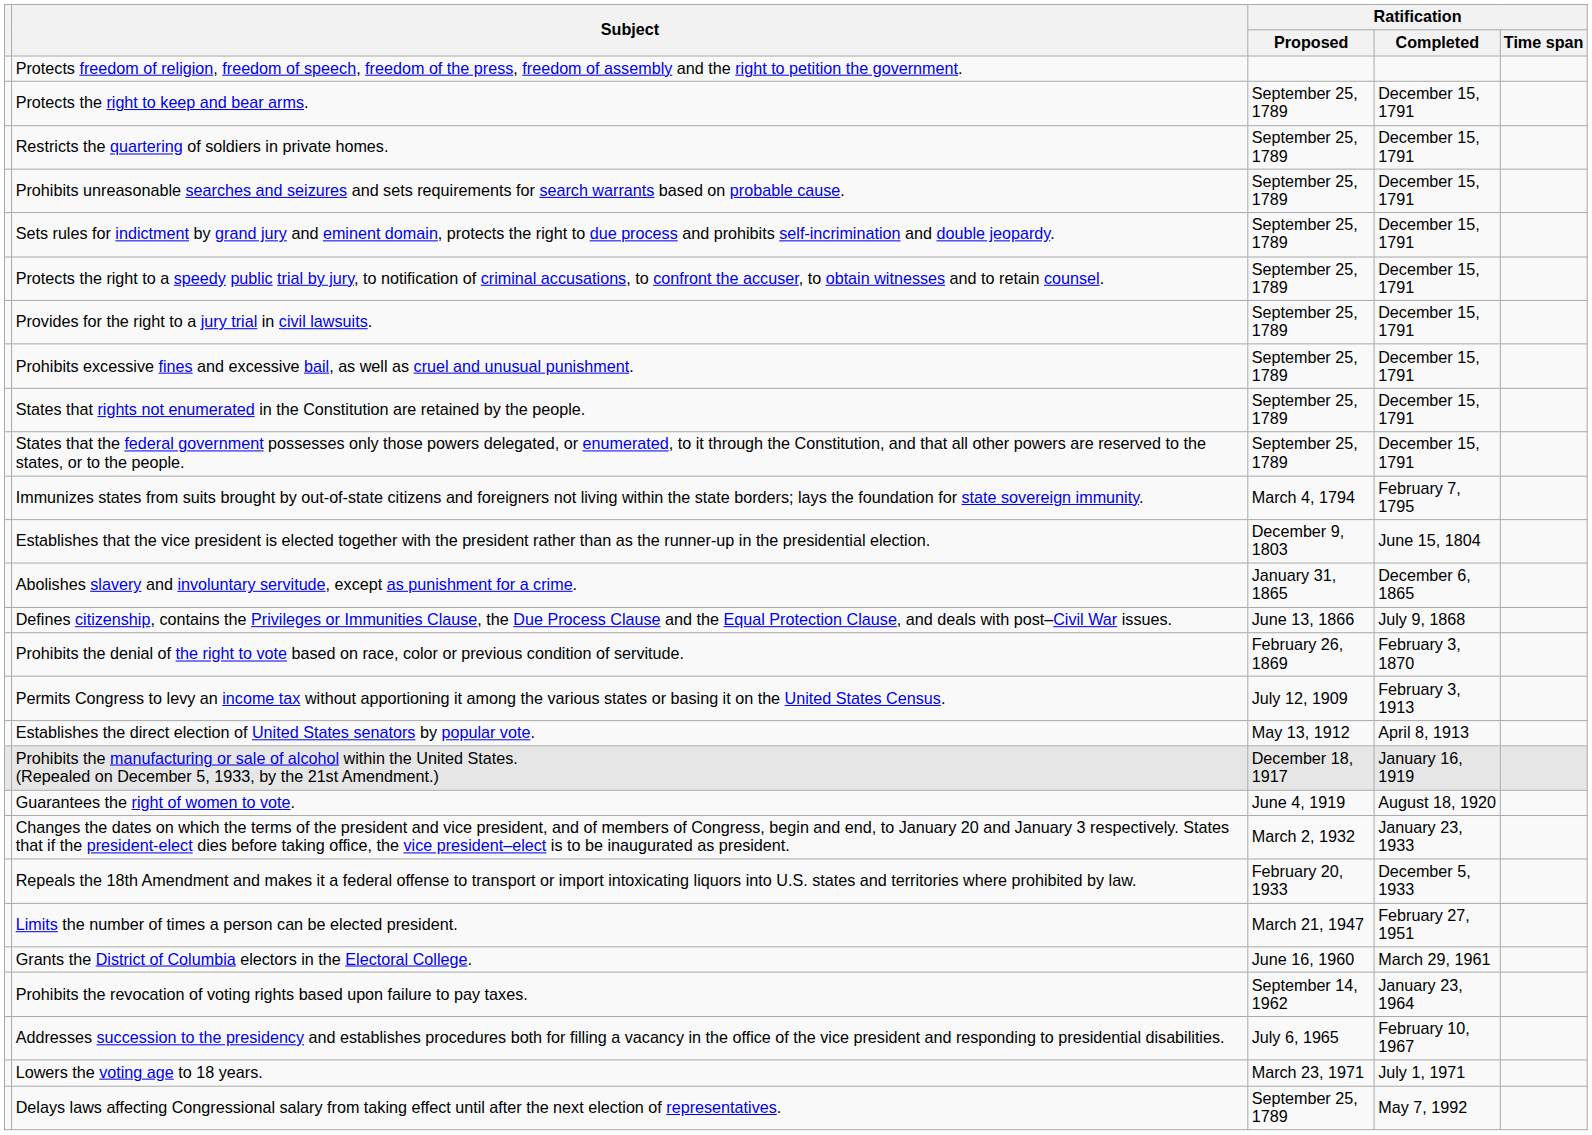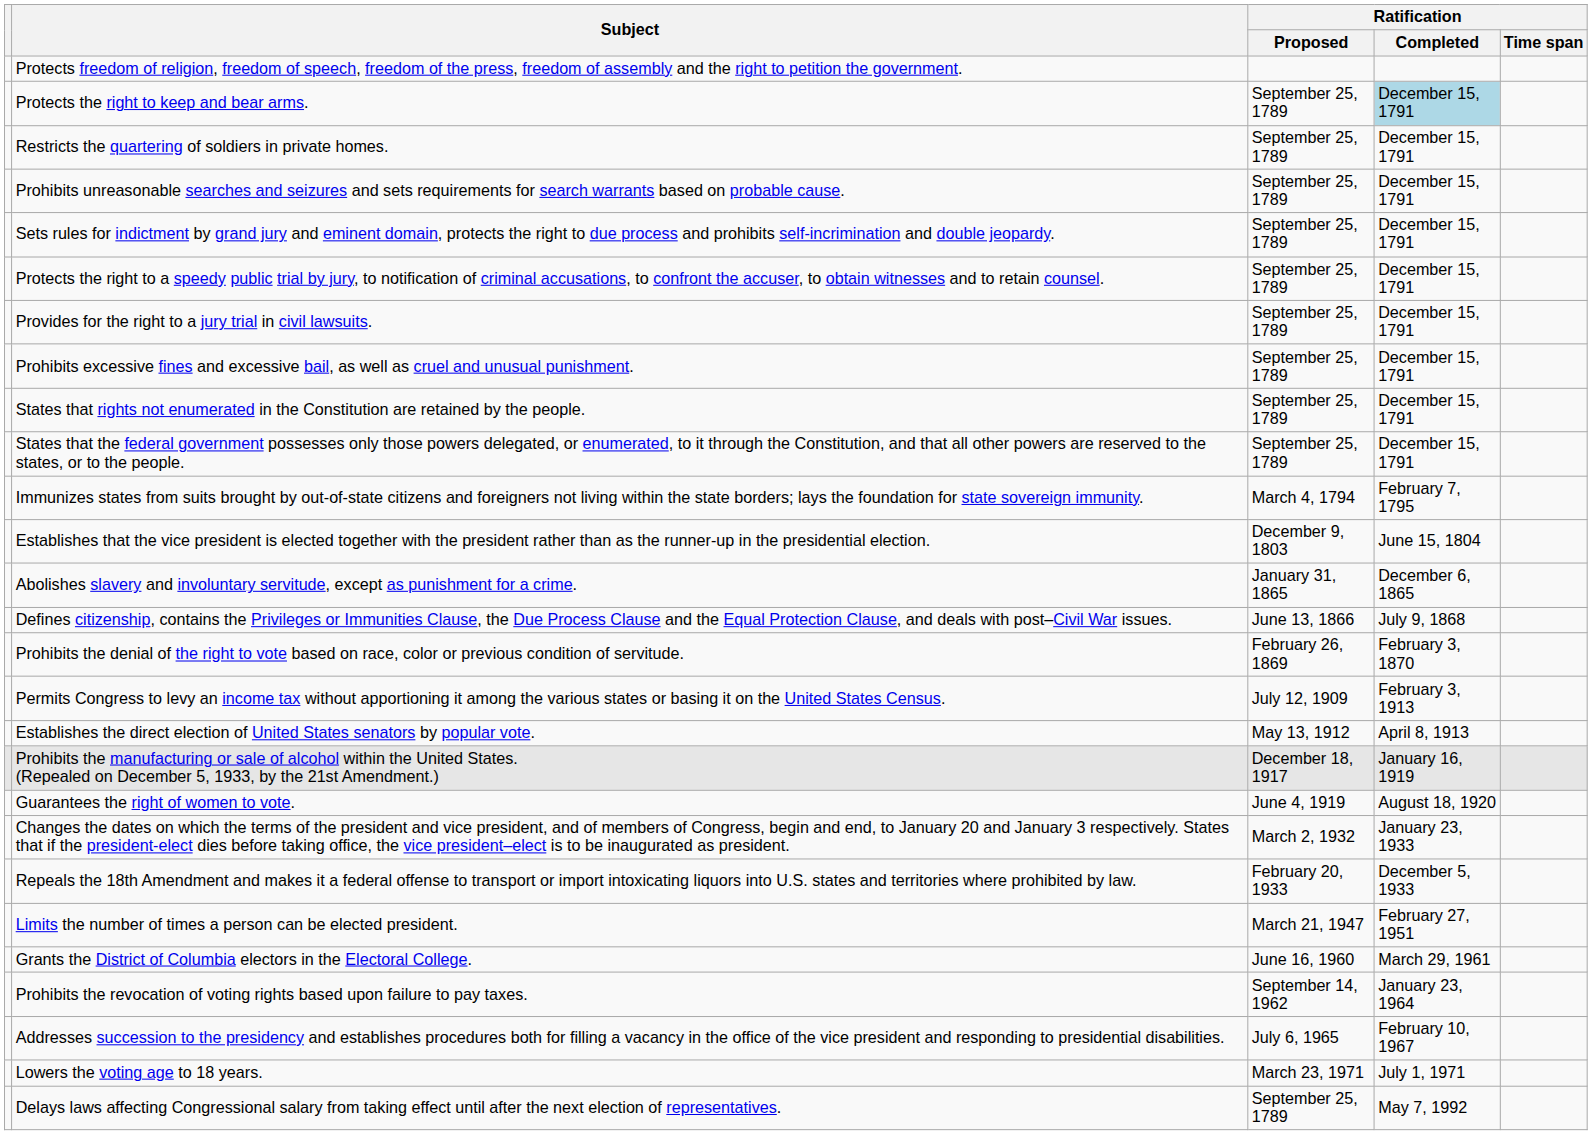 <table class="wikitable sortable">
 <tr>
 <th scope=col rowspan=2></th>
 <th scope=col rowspan=2 class="unsortable">Subject</th>
 <th scope=row colspan=3>Ratification</th>
 </tr>
 <tr>
 <th scope=col>Proposed</th>
 <th scope=col>Completed</th>
 <th scope=col>Time span</th>
 </tr>
 <tr>
 <td></td>
 <td>Protects <a href='#'>freedom of religion</a>, <a href='#'>freedom of speech</a>, <a href='#'>freedom of the press</a>, <a href='#'>freedom of assembly</a> and the <a href='#'>right to petition the government</a>.</td>
 <td></td>
 <td></td>
 <td></td>
 </tr>
 <tr>
 <td></td>
 <td>Protects the <a href='#'>right to keep and bear arms</a>.</td>
 <td>September 25, 1789</td>
-<td>December 15, 1791</td>
+<td style="background: lightblue;">December 15, 1791</td>
 <td></td>
 </tr>
 <tr>
 <td></td>
 <td>Restricts the <a href='#'>quartering</a> of soldiers in private homes.</td>
 <td>September 25, 1789</td>
 <td>December 15, 1791</td>
 <td></td>
 </tr>
 <tr>
 <td></td>
 <td>Prohibits unreasonable <a href='#'>searches and seizures</a> and sets requirements for <a href='#'>search warrants</a> based on <a href='#'>probable cause</a>.</td>
 <td>September 25, 1789</td>
 <td>December 15, 1791</td>
 <td></td>
 </tr>
 <tr>
 <td></td>
 <td>Sets rules for <a href='#'>indictment</a> by <a href='#'>grand jury</a> and <a href='#'>eminent domain</a>, protects the right to <a href='#'>due process</a> and prohibits <a href='#'>self-incrimination</a> and <a href='#'>double jeopardy</a>.</td>
 <td>September 25, 1789</td>
 <td>December 15, 1791</td>
 <td></td>
 </tr>
 <tr>
 <td></td>
 <td>Protects the right to a <a href='#'>speedy</a> <a href='#'>public</a> <a href='#'>trial by jury</a>, to notification of <a href='#'>criminal accusations</a>, to <a href='#'>confront the accuser</a>, to <a href='#'>obtain witnesses</a> and to retain <a href='#'>counsel</a>.</td>
 <td>September 25, 1789</td>
 <td>December 15, 1791</td>
 <td></td>
 </tr>
 <tr>
 <td></td>
 <td>Provides for the right to a <a href='#'>jury trial</a> in <a href='#'>civil lawsuits</a>.</td>
 <td>September 25, 1789</td>
 <td>December 15, 1791</td>
 <td></td>
 </tr>
 <tr>
 <td></td>
 <td>Prohibits excessive <a href='#'>fines</a> and excessive <a href='#'>bail</a>, as well as <a href='#'>cruel and unusual punishment</a>.</td>
 <td>September 25, 1789</td>
 <td>December 15, 1791</td>
 <td></td>
 </tr>
 <tr>
 <td></td>
 <td>States that <a href='#'>rights not enumerated</a> in the Constitution are retained by the people.</td>
 <td>September 25, 1789</td>
 <td>December 15, 1791</td>
 <td></td>
 </tr>
 <tr>
 <td></td>
 <td>States that the <a href='#'>federal government</a> possesses only those powers delegated, or <a href='#'>enumerated</a>, to it through the Constitution, and that all other powers are reserved to the states, or to the people.</td>
 <td>September 25, 1789</td>
 <td>December 15, 1791</td>
 <td></td>
 </tr>
 <tr>
 <td></td>
 <td>Immunizes states from suits brought by out-of-state citizens and foreigners not living within the state borders; lays the foundation for <a href='#'>state sovereign immunity</a>.</td>
 <td>March 4, 1794</td>
 <td>February 7, 1795</td>
 <td></td>
 </tr>
 <tr>
 <td></td>
 <td>Establishes that the vice president is elected together with the president rather than as the runner-up in the presidential election.</td>
 <td>December 9, 1803</td>
 <td>June 15, 1804</td>
 <td></td>
 </tr>
 <tr>
 <td></td>
 <td>Abolishes <a href='#'>slavery</a> and <a href='#'>involuntary servitude</a>, except <a href='#'>as punishment for a crime</a>.</td>
 <td>January 31, 1865</td>
 <td>December 6, 1865</td>
 <td></td>
 </tr>
 <tr>
 <td></td>
 <td>Defines <a href='#'>citizenship</a>, contains the <a href='#'>Privileges or Immunities Clause</a>, the <a href='#'>Due Process Clause</a> and the <a href='#'>Equal Protection Clause</a>, and deals with post–<a href='#'>Civil War</a> issues.</td>
 <td>June 13, 1866</td>
 <td>July 9, 1868</td>
 <td></td>
 </tr>
 <tr>
 <td></td>
 <td>Prohibits the denial of <a href='#'>the right to vote</a> based on race, color or previous condition of servitude.</td>
 <td>February 26, 1869</td>
 <td>February 3, 1870</td>
 <td></td>
 </tr>
 <tr>
 <td></td>
 <td>Permits Congress to levy an <a href='#'>income tax</a> without apportioning it among the various states or basing it on the <a href='#'>United States Census</a>.</td>
 <td>July 12, 1909</td>
 <td>February 3, 1913</td>
 <td></td>
 </tr>
 <tr>
 <td></td>
 <td>Establishes the direct election of <a href='#'>United States senators</a> by <a href='#'>popular vote</a>.</td>
 <td>May 13, 1912</td>
 <td>April 8, 1913</td>
 <td></td>
 </tr>
 <tr style="background:#e6e6e6">
 <td></td>
 <td>Prohibits the <a href='#'>manufacturing or sale of alcohol</a> within the United States.<br>(Repealed on December 5, 1933, by the 21st Amendment.)</td>
 <td>December 18, 1917</td>
 <td>January 16, 1919</td>
 <td></td>
 </tr>
 <tr>
 <td></td>
 <td>Guarantees the <a href='#'>right of women to vote</a>.</td>
 <td>June 4, 1919</td>
 <td>August 18, 1920</td>
 <td></td>
 </tr>
 <tr>
 <td></td>
 <td>Changes the dates on which the terms of the president and vice president, and of members of Congress, begin and end, to January 20 and January 3 respectively. States that if the <a href='#'>president-elect</a> dies before taking office, the <a href='#'>vice president–elect</a> is to be inaugurated as president.</td>
 <td>March 2, 1932</td>
 <td>January 23, 1933</td>
 <td></td>
 </tr>
 <tr>
 <td></td>
 <td>Repeals the 18th Amendment and makes it a federal offense to transport or import intoxicating liquors into U.S. states and territories where prohibited by law.</td>
 <td>February 20, 1933</td>
 <td>December 5, 1933</td>
 <td></td>
 </tr>
 <tr>
 <td></td>
 <td><a href='#'>Limits</a> the number of times a person can be elected president.</td>
 <td>March 21, 1947</td>
 <td>February 27, 1951</td>
 <td></td>
 </tr>
 <tr>
 <td></td>
 <td>Grants the <a href='#'>District of Columbia</a> electors in the <a href='#'>Electoral College</a>.</td>
 <td>June 16, 1960</td>
 <td>March 29, 1961</td>
 <td></td>
 </tr>
 <tr>
 <td></td>
 <td>Prohibits the revocation of voting rights based upon failure to pay taxes.</td>
 <td>September 14, 1962</td>
 <td>January 23, 1964</td>
 <td></td>
 </tr>
 <tr>
 <td></td>
 <td>Addresses <a href='#'>succession to the presidency</a> and establishes procedures both for filling a vacancy in the office of the vice president and responding to presidential disabilities.</td>
 <td>July 6, 1965</td>
 <td>February 10, 1967</td>
 <td></td>
 </tr>
 <tr>
 <td></td>
 <td>Lowers the <a href='#'>voting age</a> to 18 years.</td>
 <td>March 23, 1971</td>
 <td>July 1, 1971</td>
 <td></td>
 </tr>
 <tr>
 <td></td>
 <td>Delays laws affecting Congressional salary from taking effect until after the next election of <a href='#'>representatives</a>.</td>
 <td>September 25, 1789</td>
 <td>May 7, 1992</td>
 <td style="white-space:nowrap;"></td>
 </tr>
 </table>
